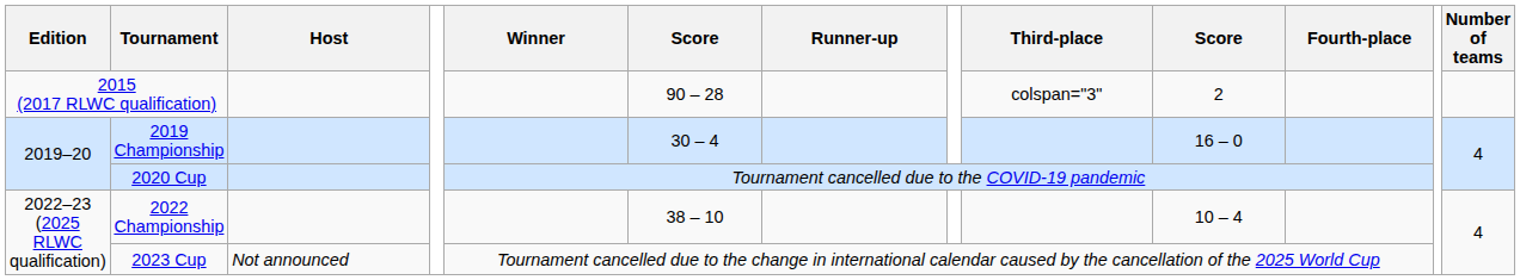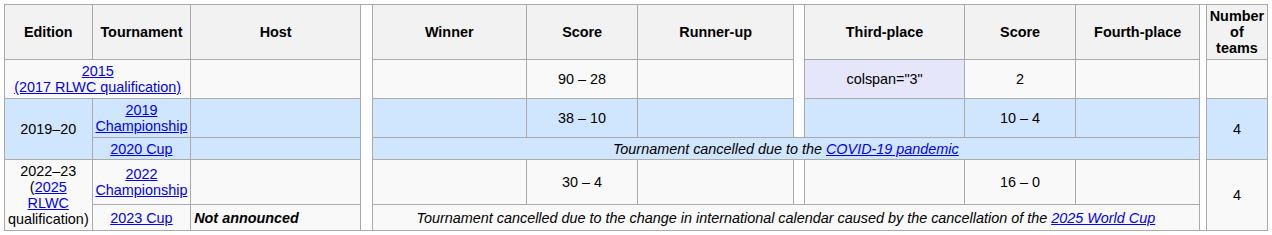 <table class="wikitable" style="text-align:center;width:100%; font-size:90%;">
 <tr>
 <th width=5%>Edition</th>
 <th width=5%>Tournament</th>
 <th width=15%>Host</th>
 <th rowspan="22" style="width:1%;background:#fff"></th>
 <th width=14%>Winner</th>
 <th width=10%>Score</th>
 <th width=14%>Runner-up</th>
 <th rowspan="3" style="width:1%;background:#fff"></th>
 <th width=14%>Third-place</th>
 <th width=10%>Score</th>
 <th width=14%>Fourth-place</th>
 <th rowspan="22" style="width:1%;background:#fff"></th>
 <th width=4%>Number<br>of<br> teams</th>
 </tr>
 <tr>
 <td colspan="2"><a href='#'>2015<br>(2017 RLWC qualification)</a></td>
 <td align=left></td>
 <td><strong></strong></td>
 <td>90 – 28</td>
 <td></td>
-<td>colspan="3"</td>
+<td style="background: lavender;">colspan="3"</td>
 <td>2</td>
 </tr>
 <tr style="background:#D0E6FF">
 <td rowspan="2">2019–20</td>
 <td><a href='#'>2019 Championship</a></td>
 <td align=left></td>
 <td></td>
-<td>30 – 4</td>
+<td>38 – 10</td>
 <td></td>
 <td></td>
-<td>16 – 0</td>
+<td>10 – 4</td>
 <td></td>
 <td rowspan="2">4</td>
 </tr>
 <tr style="background:#D0E6FF">
 <td><a href='#'>2020 Cup</a></td>
 <td align=left></td>
 <td colspan="7"><em>Tournament cancelled due to the <a href='#'>COVID-19 pandemic</a></em></td>
 </tr>
 <tr>
 <td rowspan="2">2022–23<br>(<a href='#'>2025 RLWC</a> qualification)</td>
 <td><a href='#'>2022 Championship</a></td>
 <td align=left></td>
 <td></td>
-<td>38 – 10</td>
+<td>30 – 4</td>
 <td></td>
 <th rowspan="1" style="width:1%;background:#fff"></th>
 <td></td>
-<td>10 – 4</td>
+<td>16 – 0</td>
 <td></td>
 <td rowspan="2">4</td>
 </tr>
 <tr>
 <td><a href='#'>2023 Cup</a></td>
-<td align=left><em>Not announced</em></td>
+<td align=left><strong><em>Not announced</em></strong></td>
 <td colspan="7"><em>Tournament cancelled due to the change in international calendar caused by the cancellation of the <a href='#'>2025 World Cup</a></em></td>
 </tr>
 </table>
